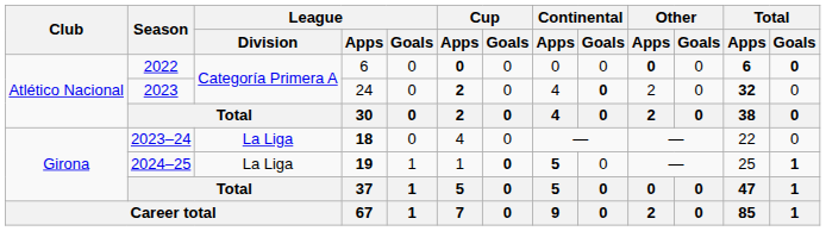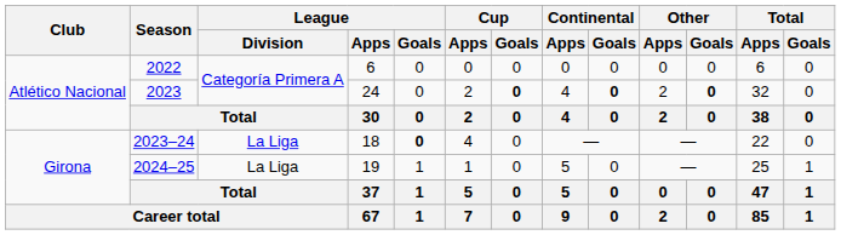 <table class=wikitable style=text-align:center>
 <tr>
 <th rowspan="2">Club</th>
 <th rowspan="2">Season</th>
 <th colspan="3">League</th>
 <th colspan="2">Cup</th>
 <th colspan="2">Continental</th>
 <th colspan="2">Other</th>
 <th colspan="2">Total</th>
 </tr>
 <tr>
 <th>Division</th>
 <th>Apps</th>
 <th>Goals</th>
 <th>Apps</th>
 <th>Goals</th>
 <th>Apps</th>
 <th>Goals</th>
 <th>Apps</th>
 <th>Goals</th>
 <th>Apps</th>
 <th>Goals</th>
 </tr>
 <tr>
 <td rowspan="3"><a href='#'>Atlético Nacional</a></td>
 <td><a href='#'>2022</a></td>
 <td rowspan="2"><a href='#'>Categoría Primera A</a></td>
 <td>6</td>
 <td>0</td>
-<td><strong>0</strong></td>
 <td>0</td>
 <td>0</td>
 <td>0</td>
-<td><strong>0</strong></td>
 <td>0</td>
-<td><strong>6</strong></td>
-<td><strong>0</strong></td>
+<td>0</td>
+<td>0</td>
+<td>6</td>
+<td>0</td>
 </tr>
 <tr>
 <td><a href='#'>2023</a></td>
 <td>24</td>
 <td>0</td>
-<td><strong>2</strong></td>
-<td>0</td>
+<td>2</td>
+<td><strong>0</strong></td>
 <td>4</td>
 <td><strong>0</strong></td>
 <td>2</td>
-<td>0</td>
-<td><strong>32</strong></td>
+<td><strong>0</strong></td>
+<td>32</td>
 <td>0</td>
 </tr>
 <tr>
 <th colspan="2">Total</th>
 <th>30</th>
 <th>0</th>
 <th>2</th>
 <th>0</th>
 <th>4</th>
 <th>0</th>
 <th>2</th>
 <th>0</th>
 <th>38</th>
 <th>0</th>
 </tr>
 <tr>
 <td rowspan="3"><a href='#'>Girona</a></td>
 <td><a href='#'>2023–24</a></td>
 <td><a href='#'>La Liga</a></td>
-<td><strong>18</strong></td>
-<td>0</td>
+<td>18</td>
+<td><strong>0</strong></td>
 <td>4</td>
 <td>0</td>
 <td colspan="2">—</td>
 <td colspan="2">—</td>
 <td>22</td>
 <td>0</td>
 </tr>
 <tr>
 <td><a href='#'>2024–25</a></td>
 <td>La Liga</td>
-<td><strong>19</strong></td>
+<td>19</td>
 <td>1</td>
 <td>1</td>
-<td><strong>0</strong></td>
-<td><strong>5</strong></td>
+<td>0</td>
+<td>5</td>
 <td>0</td>
 <td colspan="2">—</td>
 <td>25</td>
-<td><strong>1</strong></td>
+<td>1</td>
 </tr>
 <tr>
 <th colspan="2">Total</th>
 <th>37</th>
 <th>1</th>
 <th>5</th>
 <th>0</th>
 <th>5</th>
 <th>0</th>
 <th>0</th>
 <th>0</th>
 <th>47</th>
 <th>1</th>
 </tr>
 <tr>
 <th colspan="3">Career total</th>
 <th>67</th>
 <th>1</th>
 <th>7</th>
 <th>0</th>
 <th>9</th>
 <th>0</th>
 <th>2</th>
 <th>0</th>
 <th>85</th>
 <th>1</th>
 </tr>
 </table>
